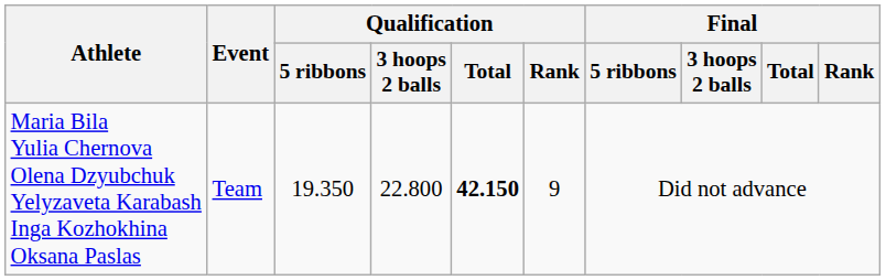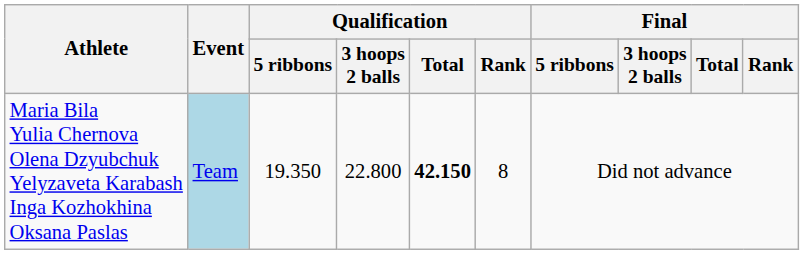 <table class="wikitable" style="font-size:90%">
 <tr>
 <th rowspan="2">Athlete</th>
 <th rowspan="2">Event</th>
 <th colspan="4">Qualification</th>
 <th colspan="4">Final</th>
 </tr>
 <tr style="font-size:95%">
 <th>5 ribbons</th>
 <th>3 hoops <br>2 balls</th>
 <th>Total</th>
 <th>Rank</th>
 <th>5 ribbons</th>
 <th>3 hoops <br>2 balls</th>
 <th>Total</th>
 <th>Rank</th>
 </tr>
 <tr align=center>
 <td align=left><a href='#'>Maria Bila</a><br><a href='#'>Yulia Chernova</a><br><a href='#'>Olena Dzyubchuk</a><br><a href='#'>Yelyzaveta Karabash</a><br><a href='#'>Inga Kozhokhina</a><br><a href='#'>Oksana Paslas</a></td>
-<td align=left><a href='#'>Team</a></td>
+<td align=left style="background: lightblue;"><a href='#'>Team</a></td>
 <td>19.350</td>
 <td>22.800</td>
 <td><strong>42.150</strong></td>
-<td>9</td>
+<td>8</td>
 <td colspan=4>Did not advance</td>
 </tr>
 </table>
